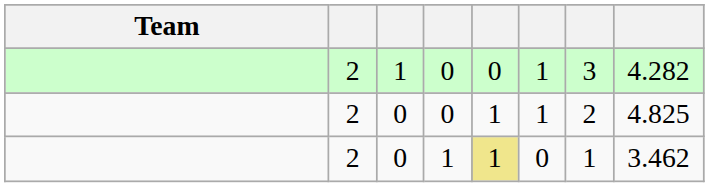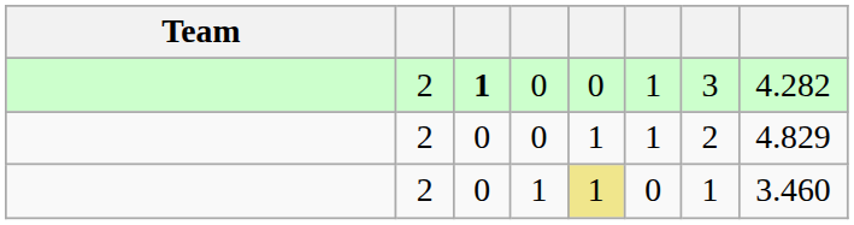 <table class="wikitable" style="text-align:center">
 <tr>
 <th width=180>Team</th>
 <th width=20></th>
 <th width=20></th>
 <th width=20></th>
 <th width=20></th>
 <th width=20></th>
 <th width=20></th>
 <th width=45></th>
 </tr>
 <tr style="background:#cfc">
 <td align="left"></td>
 <td>2</td>
-<td>1</td>
+<td><strong>1</strong></td>
 <td>0</td>
 <td>0</td>
 <td>1</td>
 <td>3</td>
 <td>4.282</td>
 </tr>
 <tr>
 <td align="left"></td>
 <td>2</td>
 <td>0</td>
 <td>0</td>
 <td>1</td>
 <td>1</td>
 <td>2</td>
-<td>4.825</td>
+<td>4.829</td>
 </tr>
 <tr>
 <td align="left"></td>
 <td>2</td>
 <td>0</td>
 <td>1</td>
 <td style="background: khaki;">1</td>
 <td>0</td>
 <td>1</td>
-<td>3.462</td>
+<td>3.460</td>
 </tr>
 </table>
